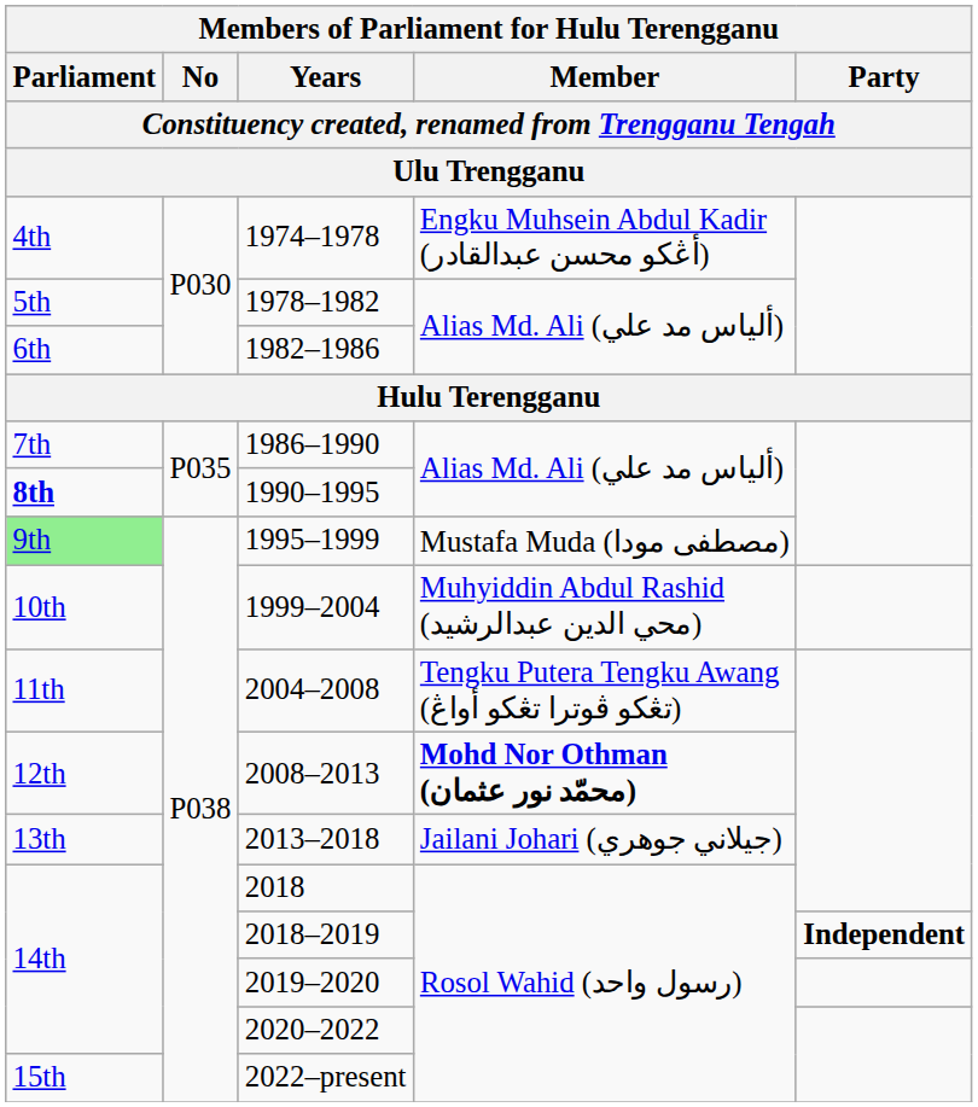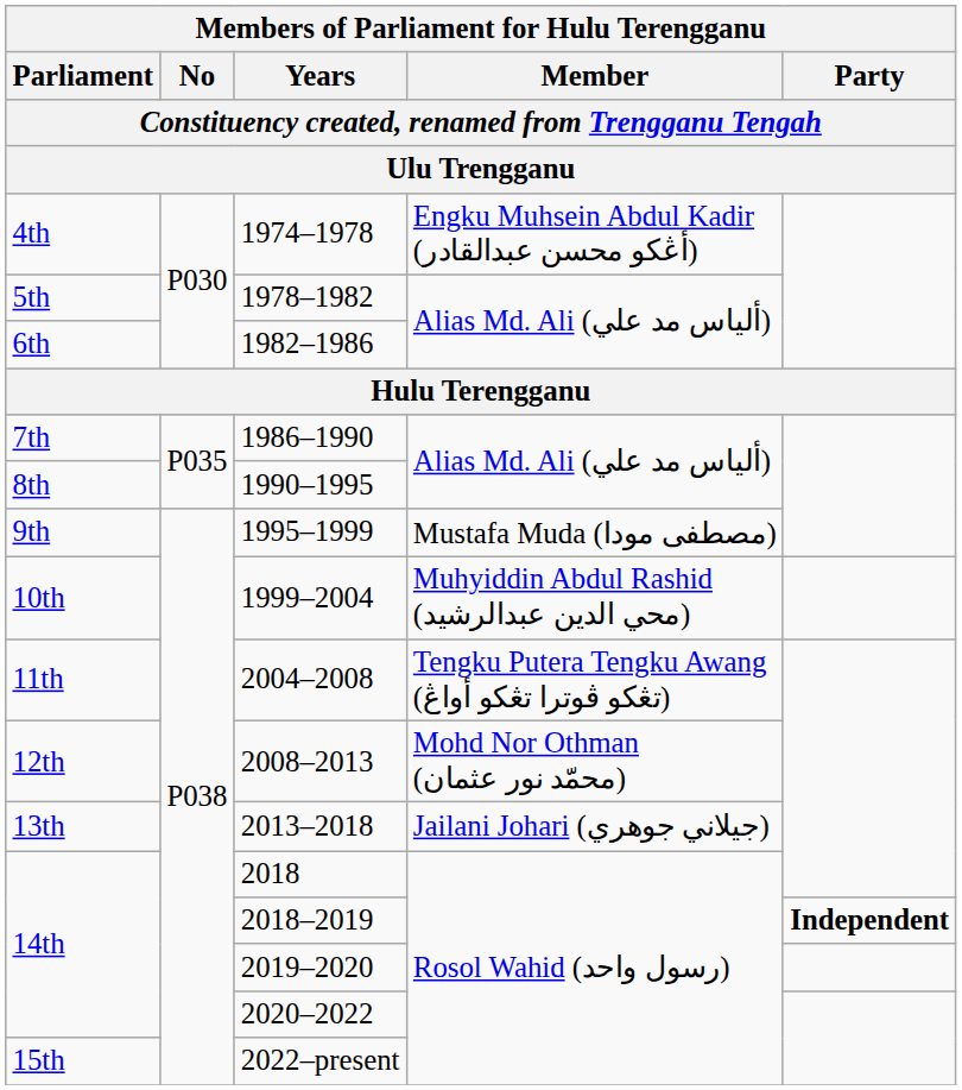 <table class=wikitable>
 <tr>
 <th colspan="5">Members of Parliament for Hulu Terengganu</th>
 </tr>
 <tr>
 <th>Parliament</th>
 <th>No</th>
 <th>Years</th>
 <th>Member</th>
 <th>Party</th>
 </tr>
 <tr>
 <th colspan="5" align="center"><em>Constituency created, renamed from <a href='#'>Trengganu Tengah</a></em></th>
 </tr>
 <tr>
 <th colspan="5" align="center">Ulu Trengganu</th>
 </tr>
 <tr>
 <td><a href='#'>4th</a></td>
 <td rowspan="3">P030</td>
 <td>1974–1978</td>
 <td><a href='#'>Engku Muhsein Abdul Kadir</a><br>  (أڠكو محسن عبدالقادر)</td>
 <td rowspan="3"></td>
 </tr>
 <tr>
 <td><a href='#'>5th</a></td>
 <td>1978–1982</td>
 <td rowspan=2><a href='#'>Alias Md. Ali</a> (ألياس مد علي)</td>
 </tr>
 <tr>
 <td><a href='#'>6th</a></td>
 <td>1982–1986</td>
 </tr>
 <tr>
 <th colspan="5" align="center">Hulu Terengganu</th>
 </tr>
 <tr>
 <td><a href='#'>7th</a></td>
 <td rowspan="2">P035</td>
 <td>1986–1990</td>
 <td rowspan=2><a href='#'>Alias Md. Ali</a>  (ألياس مد علي)</td>
 <td rowspan="3"></td>
 </tr>
 <tr>
-<td><strong><a href='#'>8th</a></strong></td>
+<td><a href='#'>8th</a></td>
 <td>1990–1995</td>
 </tr>
 <tr>
-<td style="background: lightgreen;"><a href='#'>9th</a></td>
+<td><a href='#'>9th</a></td>
 <td rowspan="10">P038</td>
 <td>1995–1999</td>
 <td>Mustafa Muda (مصطفى مودا)</td>
 </tr>
 <tr>
 <td><a href='#'>10th</a></td>
 <td>1999–2004</td>
 <td><a href='#'>Muhyiddin Abdul Rashid</a><br>  (محي الدين عبدالرشيد)</td>
 <td></td>
 </tr>
 <tr>
 <td><a href='#'>11th</a></td>
 <td>2004–2008</td>
 <td><a href='#'>Tengku Putera Tengku Awang</a> <br> (تڠكو ڤوترا تڠكو أواڠ)</td>
 <td rowspan="4"></td>
 </tr>
 <tr>
 <td><a href='#'>12th</a></td>
 <td>2008–2013</td>
-<td><strong><a href='#'>Mohd Nor Othman</a> <br> (محمّد نور عثمان)</strong></td>
+<td><a href='#'>Mohd Nor Othman</a> <br> (محمّد نور عثمان)</td>
 </tr>
 <tr>
 <td><a href='#'>13th</a></td>
 <td>2013–2018</td>
 <td><a href='#'>Jailani Johari</a> (جيلاني جوهري)</td>
 </tr>
 <tr>
 <td rowspan=4><a href='#'>14th</a></td>
 <td>2018</td>
 <td rowspan=5><a href='#'>Rosol Wahid</a> (رسول واحد)</td>
 </tr>
 <tr>
 <td>2018–2019</td>
 <td><strong>Independent</strong></td>
 </tr>
 <tr>
 <td>2019–2020</td>
 <td></td>
 </tr>
 <tr>
 <td>2020–2022</td>
 <td rowspan=2></td>
 </tr>
 <tr>
 <td><a href='#'>15th</a></td>
 <td>2022–present</td>
 </tr>
 </table>
